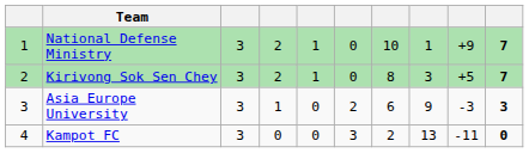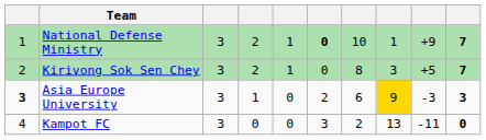 <table class="wikitable" style="text-align: center;">
 <tr>
 <th width=30></th>
 <th width=165>Team</th>
 <th width=30></th>
 <th width=30></th>
 <th width=30></th>
 <th width=30></th>
 <th width=30></th>
 <th width=30></th>
 <th width=30></th>
 <th width=30></th>
 </tr>
 <tr bgcolor=#ACE1AF>
 <td>1</td>
 <td align=left><a href='#'>National Defense Ministry</a></td>
 <td>3</td>
 <td>2</td>
 <td>1</td>
-<td>0</td>
+<td><strong>0</strong></td>
 <td>10</td>
 <td>1</td>
 <td>+9</td>
 <td><strong>7</strong></td>
 </tr>
 <tr bgcolor=#ACE1AF>
 <td>2</td>
 <td align=left><a href='#'>Kirivong Sok Sen Chey</a></td>
 <td>3</td>
 <td>2</td>
 <td>1</td>
 <td>0</td>
 <td>8</td>
 <td>3</td>
 <td>+5</td>
 <td><strong>7</strong></td>
 </tr>
 <tr>
-<td>3</td>
+<td><strong>3</strong></td>
 <td align=left><a href='#'>Asia Europe University</a></td>
 <td>3</td>
 <td>1</td>
 <td>0</td>
 <td>2</td>
 <td>6</td>
-<td>9</td>
+<td style="background: gold;">9</td>
 <td>-3</td>
 <td><strong>3</strong></td>
 </tr>
 <tr>
 <td>4</td>
 <td align=left><a href='#'>Kampot FC</a></td>
 <td>3</td>
 <td>0</td>
 <td>0</td>
 <td>3</td>
 <td>2</td>
 <td>13</td>
 <td>-11</td>
 <td><strong>0</strong></td>
 </tr>
 </table>
